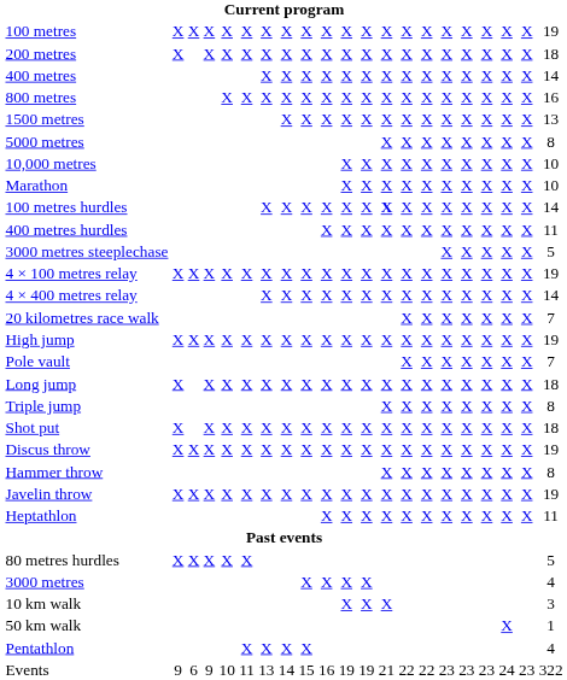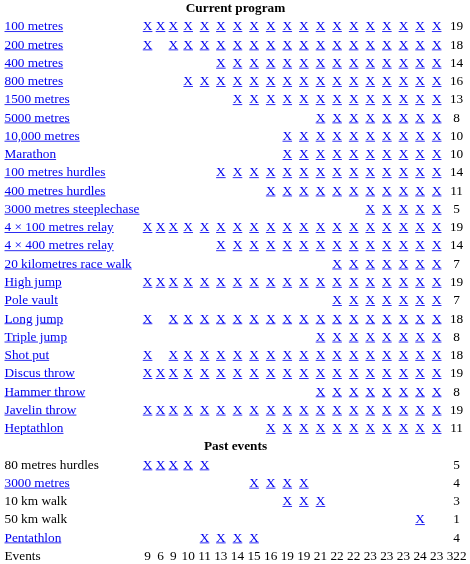 <table>
 <tr>
 <td align=center colspan=21><strong>Current program</strong></td>
 </tr>
 <tr align=center>
 <td align=left><a href='#'>100 metres</a></td>
 <td><a href='#'>X</a></td>
 <td><a href='#'>X</a></td>
 <td><a href='#'>X</a></td>
 <td><a href='#'>X</a></td>
 <td><a href='#'>X</a></td>
 <td><a href='#'>X</a></td>
 <td><a href='#'>X</a></td>
 <td><a href='#'>X</a></td>
 <td><a href='#'>X</a></td>
 <td><a href='#'>X</a></td>
 <td><a href='#'>X</a></td>
 <td><a href='#'>X</a></td>
 <td><a href='#'>X</a></td>
 <td><a href='#'>X</a></td>
 <td><a href='#'>X</a></td>
 <td><a href='#'>X</a></td>
 <td><a href='#'>X</a></td>
 <td><a href='#'>X</a></td>
 <td><a href='#'>X</a></td>
 <td>19</td>
 </tr>
 <tr align=center>
 <td align=left><a href='#'>200 metres</a></td>
 <td><a href='#'>X</a></td>
 <td></td>
 <td><a href='#'>X</a></td>
 <td><a href='#'>X</a></td>
 <td><a href='#'>X</a></td>
 <td><a href='#'>X</a></td>
 <td><a href='#'>X</a></td>
 <td><a href='#'>X</a></td>
 <td><a href='#'>X</a></td>
 <td><a href='#'>X</a></td>
 <td><a href='#'>X</a></td>
 <td><a href='#'>X</a></td>
 <td><a href='#'>X</a></td>
 <td><a href='#'>X</a></td>
 <td><a href='#'>X</a></td>
 <td><a href='#'>X</a></td>
 <td><a href='#'>X</a></td>
 <td><a href='#'>X</a></td>
 <td><a href='#'>X</a></td>
 <td>18</td>
 </tr>
 <tr align=center>
 <td align=left><a href='#'>400 metres</a></td>
 <td></td>
 <td></td>
 <td></td>
 <td></td>
 <td></td>
 <td><a href='#'>X</a></td>
 <td><a href='#'>X</a></td>
 <td><a href='#'>X</a></td>
 <td><a href='#'>X</a></td>
 <td><a href='#'>X</a></td>
 <td><a href='#'>X</a></td>
 <td><a href='#'>X</a></td>
 <td><a href='#'>X</a></td>
 <td><a href='#'>X</a></td>
 <td><a href='#'>X</a></td>
 <td><a href='#'>X</a></td>
 <td><a href='#'>X</a></td>
 <td><a href='#'>X</a></td>
 <td><a href='#'>X</a></td>
 <td>14</td>
 </tr>
 <tr align=center>
 <td align=left><a href='#'>800 metres</a></td>
 <td></td>
 <td></td>
 <td></td>
 <td><a href='#'>X</a></td>
 <td><a href='#'>X</a></td>
 <td><a href='#'>X</a></td>
 <td><a href='#'>X</a></td>
 <td><a href='#'>X</a></td>
 <td><a href='#'>X</a></td>
 <td><a href='#'>X</a></td>
 <td><a href='#'>X</a></td>
 <td><a href='#'>X</a></td>
 <td><a href='#'>X</a></td>
 <td><a href='#'>X</a></td>
 <td><a href='#'>X</a></td>
 <td><a href='#'>X</a></td>
 <td><a href='#'>X</a></td>
 <td><a href='#'>X</a></td>
 <td><a href='#'>X</a></td>
 <td>16</td>
 </tr>
 <tr align=center>
 <td align=left><a href='#'>1500 metres</a></td>
 <td></td>
 <td></td>
 <td></td>
 <td></td>
 <td></td>
 <td></td>
 <td><a href='#'>X</a></td>
 <td><a href='#'>X</a></td>
 <td><a href='#'>X</a></td>
 <td><a href='#'>X</a></td>
 <td><a href='#'>X</a></td>
 <td><a href='#'>X</a></td>
 <td><a href='#'>X</a></td>
 <td><a href='#'>X</a></td>
 <td><a href='#'>X</a></td>
 <td><a href='#'>X</a></td>
 <td><a href='#'>X</a></td>
 <td><a href='#'>X</a></td>
 <td><a href='#'>X</a></td>
 <td>13</td>
 </tr>
 <tr align=center>
 <td align=left><a href='#'>5000 metres</a></td>
 <td></td>
 <td></td>
 <td></td>
 <td></td>
 <td></td>
 <td></td>
 <td></td>
 <td></td>
 <td></td>
 <td></td>
 <td></td>
 <td><a href='#'>X</a></td>
 <td><a href='#'>X</a></td>
 <td><a href='#'>X</a></td>
 <td><a href='#'>X</a></td>
 <td><a href='#'>X</a></td>
 <td><a href='#'>X</a></td>
 <td><a href='#'>X</a></td>
 <td><a href='#'>X</a></td>
 <td>8</td>
 </tr>
 <tr align=center>
 <td align=left><a href='#'>10,000 metres</a></td>
 <td></td>
 <td></td>
 <td></td>
 <td></td>
 <td></td>
 <td></td>
 <td></td>
 <td></td>
 <td></td>
 <td><a href='#'>X</a></td>
 <td><a href='#'>X</a></td>
 <td><a href='#'>X</a></td>
 <td><a href='#'>X</a></td>
 <td><a href='#'>X</a></td>
 <td><a href='#'>X</a></td>
 <td><a href='#'>X</a></td>
 <td><a href='#'>X</a></td>
 <td><a href='#'>X</a></td>
 <td><a href='#'>X</a></td>
 <td>10</td>
 </tr>
 <tr align=center>
 <td align=left><a href='#'>Marathon</a></td>
 <td></td>
 <td></td>
 <td></td>
 <td></td>
 <td></td>
 <td></td>
 <td></td>
 <td></td>
 <td></td>
 <td><a href='#'>X</a></td>
 <td><a href='#'>X</a></td>
 <td><a href='#'>X</a></td>
 <td><a href='#'>X</a></td>
 <td><a href='#'>X</a></td>
 <td><a href='#'>X</a></td>
 <td><a href='#'>X</a></td>
 <td><a href='#'>X</a></td>
 <td><a href='#'>X</a></td>
 <td><a href='#'>X</a></td>
 <td>10</td>
 </tr>
 <tr align=center>
 <td align=left><a href='#'>100 metres hurdles</a></td>
 <td></td>
 <td></td>
 <td></td>
 <td></td>
 <td></td>
 <td><a href='#'>X</a></td>
 <td><a href='#'>X</a></td>
 <td><a href='#'>X</a></td>
 <td><a href='#'>X</a></td>
 <td><a href='#'>X</a></td>
 <td><a href='#'>X</a></td>
-<td><strong><a href='#'>X</a></strong></td>
+<td><a href='#'>X</a></td>
 <td><a href='#'>X</a></td>
 <td><a href='#'>X</a></td>
 <td><a href='#'>X</a></td>
 <td><a href='#'>X</a></td>
 <td><a href='#'>X</a></td>
 <td><a href='#'>X</a></td>
 <td><a href='#'>X</a></td>
 <td>14</td>
 </tr>
 <tr align=center>
 <td align=left><a href='#'>400 metres hurdles</a></td>
 <td></td>
 <td></td>
 <td></td>
 <td></td>
 <td></td>
 <td></td>
 <td></td>
 <td></td>
 <td><a href='#'>X</a></td>
 <td><a href='#'>X</a></td>
 <td><a href='#'>X</a></td>
 <td><a href='#'>X</a></td>
 <td><a href='#'>X</a></td>
 <td><a href='#'>X</a></td>
 <td><a href='#'>X</a></td>
 <td><a href='#'>X</a></td>
 <td><a href='#'>X</a></td>
 <td><a href='#'>X</a></td>
 <td><a href='#'>X</a></td>
 <td>11</td>
 </tr>
 <tr align=center>
 <td align=left><a href='#'>3000 metres steeplechase</a></td>
 <td></td>
 <td></td>
 <td></td>
 <td></td>
 <td></td>
 <td></td>
 <td></td>
 <td></td>
 <td></td>
 <td></td>
 <td></td>
 <td></td>
 <td></td>
 <td></td>
 <td><a href='#'>X</a></td>
 <td><a href='#'>X</a></td>
 <td><a href='#'>X</a></td>
 <td><a href='#'>X</a></td>
 <td><a href='#'>X</a></td>
 <td>5</td>
 </tr>
 <tr align=center>
 <td align=left><a href='#'>4 × 100 metres relay</a></td>
 <td><a href='#'>X</a></td>
 <td><a href='#'>X</a></td>
 <td><a href='#'>X</a></td>
 <td><a href='#'>X</a></td>
 <td><a href='#'>X</a></td>
 <td><a href='#'>X</a></td>
 <td><a href='#'>X</a></td>
 <td><a href='#'>X</a></td>
 <td><a href='#'>X</a></td>
 <td><a href='#'>X</a></td>
 <td><a href='#'>X</a></td>
 <td><a href='#'>X</a></td>
 <td><a href='#'>X</a></td>
 <td><a href='#'>X</a></td>
 <td><a href='#'>X</a></td>
 <td><a href='#'>X</a></td>
 <td><a href='#'>X</a></td>
 <td><a href='#'>X</a></td>
 <td><a href='#'>X</a></td>
 <td>19</td>
 </tr>
 <tr align=center>
 <td align=left><a href='#'>4 × 400 metres relay</a></td>
 <td></td>
 <td></td>
 <td></td>
 <td></td>
 <td></td>
 <td><a href='#'>X</a></td>
 <td><a href='#'>X</a></td>
 <td><a href='#'>X</a></td>
 <td><a href='#'>X</a></td>
 <td><a href='#'>X</a></td>
 <td><a href='#'>X</a></td>
 <td><a href='#'>X</a></td>
 <td><a href='#'>X</a></td>
 <td><a href='#'>X</a></td>
 <td><a href='#'>X</a></td>
 <td><a href='#'>X</a></td>
 <td><a href='#'>X</a></td>
 <td><a href='#'>X</a></td>
 <td><a href='#'>X</a></td>
 <td>14</td>
 </tr>
 <tr align=center>
 <td align=left><a href='#'>20 kilometres race walk</a></td>
 <td></td>
 <td></td>
 <td></td>
 <td></td>
 <td></td>
 <td></td>
 <td></td>
 <td></td>
 <td></td>
 <td></td>
 <td></td>
 <td></td>
 <td><a href='#'>X</a></td>
 <td><a href='#'>X</a></td>
 <td><a href='#'>X</a></td>
 <td><a href='#'>X</a></td>
 <td><a href='#'>X</a></td>
 <td><a href='#'>X</a></td>
 <td><a href='#'>X</a></td>
 <td>7</td>
 </tr>
 <tr align=center>
 <td align=left><a href='#'>High jump</a></td>
 <td><a href='#'>X</a></td>
 <td><a href='#'>X</a></td>
 <td><a href='#'>X</a></td>
 <td><a href='#'>X</a></td>
 <td><a href='#'>X</a></td>
 <td><a href='#'>X</a></td>
 <td><a href='#'>X</a></td>
 <td><a href='#'>X</a></td>
 <td><a href='#'>X</a></td>
 <td><a href='#'>X</a></td>
 <td><a href='#'>X</a></td>
 <td><a href='#'>X</a></td>
 <td><a href='#'>X</a></td>
 <td><a href='#'>X</a></td>
 <td><a href='#'>X</a></td>
 <td><a href='#'>X</a></td>
 <td><a href='#'>X</a></td>
 <td><a href='#'>X</a></td>
 <td><a href='#'>X</a></td>
 <td>19</td>
 </tr>
 <tr align=center>
 <td align=left><a href='#'>Pole vault</a></td>
 <td></td>
 <td></td>
 <td></td>
 <td></td>
 <td></td>
 <td></td>
 <td></td>
 <td></td>
 <td></td>
 <td></td>
 <td></td>
 <td></td>
 <td><a href='#'>X</a></td>
 <td><a href='#'>X</a></td>
 <td><a href='#'>X</a></td>
 <td><a href='#'>X</a></td>
 <td><a href='#'>X</a></td>
 <td><a href='#'>X</a></td>
 <td><a href='#'>X</a></td>
 <td>7</td>
 </tr>
 <tr align=center>
 <td align=left><a href='#'>Long jump</a></td>
 <td><a href='#'>X</a></td>
 <td></td>
 <td><a href='#'>X</a></td>
 <td><a href='#'>X</a></td>
 <td><a href='#'>X</a></td>
 <td><a href='#'>X</a></td>
 <td><a href='#'>X</a></td>
 <td><a href='#'>X</a></td>
 <td><a href='#'>X</a></td>
 <td><a href='#'>X</a></td>
 <td><a href='#'>X</a></td>
 <td><a href='#'>X</a></td>
 <td><a href='#'>X</a></td>
 <td><a href='#'>X</a></td>
 <td><a href='#'>X</a></td>
 <td><a href='#'>X</a></td>
 <td><a href='#'>X</a></td>
 <td><a href='#'>X</a></td>
 <td><a href='#'>X</a></td>
 <td>18</td>
 </tr>
 <tr align=center>
 <td align=left><a href='#'>Triple jump</a></td>
 <td></td>
 <td></td>
 <td></td>
 <td></td>
 <td></td>
 <td></td>
 <td></td>
 <td></td>
 <td></td>
 <td></td>
 <td></td>
 <td><a href='#'>X</a></td>
 <td><a href='#'>X</a></td>
 <td><a href='#'>X</a></td>
 <td><a href='#'>X</a></td>
 <td><a href='#'>X</a></td>
 <td><a href='#'>X</a></td>
 <td><a href='#'>X</a></td>
 <td><a href='#'>X</a></td>
 <td>8</td>
 </tr>
 <tr align=center>
 <td align=left><a href='#'>Shot put</a></td>
 <td><a href='#'>X</a></td>
 <td></td>
 <td><a href='#'>X</a></td>
 <td><a href='#'>X</a></td>
 <td><a href='#'>X</a></td>
 <td><a href='#'>X</a></td>
 <td><a href='#'>X</a></td>
 <td><a href='#'>X</a></td>
 <td><a href='#'>X</a></td>
 <td><a href='#'>X</a></td>
 <td><a href='#'>X</a></td>
 <td><a href='#'>X</a></td>
 <td><a href='#'>X</a></td>
 <td><a href='#'>X</a></td>
 <td><a href='#'>X</a></td>
 <td><a href='#'>X</a></td>
 <td><a href='#'>X</a></td>
 <td><a href='#'>X</a></td>
 <td><a href='#'>X</a></td>
 <td>18</td>
 </tr>
 <tr align=center>
 <td align=left><a href='#'>Discus throw</a></td>
 <td><a href='#'>X</a></td>
 <td><a href='#'>X</a></td>
 <td><a href='#'>X</a></td>
 <td><a href='#'>X</a></td>
 <td><a href='#'>X</a></td>
 <td><a href='#'>X</a></td>
 <td><a href='#'>X</a></td>
 <td><a href='#'>X</a></td>
 <td><a href='#'>X</a></td>
 <td><a href='#'>X</a></td>
 <td><a href='#'>X</a></td>
 <td><a href='#'>X</a></td>
 <td><a href='#'>X</a></td>
 <td><a href='#'>X</a></td>
 <td><a href='#'>X</a></td>
 <td><a href='#'>X</a></td>
 <td><a href='#'>X</a></td>
 <td><a href='#'>X</a></td>
 <td><a href='#'>X</a></td>
 <td>19</td>
 </tr>
 <tr align=center>
 <td align=left><a href='#'>Hammer throw</a></td>
 <td></td>
 <td></td>
 <td></td>
 <td></td>
 <td></td>
 <td></td>
 <td></td>
 <td></td>
 <td></td>
 <td></td>
 <td></td>
 <td><a href='#'>X</a></td>
 <td><a href='#'>X</a></td>
 <td><a href='#'>X</a></td>
 <td><a href='#'>X</a></td>
 <td><a href='#'>X</a></td>
 <td><a href='#'>X</a></td>
 <td><a href='#'>X</a></td>
 <td><a href='#'>X</a></td>
 <td>8</td>
 </tr>
 <tr align=center>
 <td align=left><a href='#'>Javelin throw</a></td>
 <td><a href='#'>X</a></td>
 <td><a href='#'>X</a></td>
 <td><a href='#'>X</a></td>
 <td><a href='#'>X</a></td>
 <td><a href='#'>X</a></td>
 <td><a href='#'>X</a></td>
 <td><a href='#'>X</a></td>
 <td><a href='#'>X</a></td>
 <td><a href='#'>X</a></td>
 <td><a href='#'>X</a></td>
 <td><a href='#'>X</a></td>
 <td><a href='#'>X</a></td>
 <td><a href='#'>X</a></td>
 <td><a href='#'>X</a></td>
 <td><a href='#'>X</a></td>
 <td><a href='#'>X</a></td>
 <td><a href='#'>X</a></td>
 <td><a href='#'>X</a></td>
 <td><a href='#'>X</a></td>
 <td>19</td>
 </tr>
 <tr align=center>
 <td align=left><a href='#'>Heptathlon</a></td>
 <td></td>
 <td></td>
 <td></td>
 <td></td>
 <td></td>
 <td></td>
 <td></td>
 <td></td>
 <td><a href='#'>X</a></td>
 <td><a href='#'>X</a></td>
 <td><a href='#'>X</a></td>
 <td><a href='#'>X</a></td>
 <td><a href='#'>X</a></td>
 <td><a href='#'>X</a></td>
 <td><a href='#'>X</a></td>
 <td><a href='#'>X</a></td>
 <td><a href='#'>X</a></td>
 <td><a href='#'>X</a></td>
 <td><a href='#'>X</a></td>
 <td>11</td>
 </tr>
 <tr align=center>
 <td align=center colspan=21><strong>Past events</strong></td>
 </tr>
 <tr align=center>
 <td align=left>80 metres hurdles</td>
 <td><a href='#'>X</a></td>
 <td><a href='#'>X</a></td>
 <td><a href='#'>X</a></td>
 <td><a href='#'>X</a></td>
 <td><a href='#'>X</a></td>
 <td></td>
 <td></td>
 <td></td>
 <td></td>
 <td></td>
 <td></td>
 <td></td>
 <td></td>
 <td></td>
 <td></td>
 <td></td>
 <td></td>
 <td></td>
 <td></td>
 <td>5</td>
 </tr>
 <tr align=center>
 <td align=left><a href='#'>3000 metres</a></td>
 <td></td>
 <td></td>
 <td></td>
 <td></td>
 <td></td>
 <td></td>
 <td></td>
 <td><a href='#'>X</a></td>
 <td><a href='#'>X</a></td>
 <td><a href='#'>X</a></td>
 <td><a href='#'>X</a></td>
 <td></td>
 <td></td>
 <td></td>
 <td></td>
 <td></td>
 <td></td>
 <td></td>
 <td></td>
 <td>4</td>
 </tr>
 <tr align=center>
 <td align=left>10 km walk</td>
 <td></td>
 <td></td>
 <td></td>
 <td></td>
 <td></td>
 <td></td>
 <td></td>
 <td></td>
 <td></td>
 <td><a href='#'>X</a></td>
 <td><a href='#'>X</a></td>
 <td><a href='#'>X</a></td>
 <td></td>
 <td></td>
 <td></td>
 <td></td>
 <td></td>
 <td></td>
 <td></td>
 <td>3</td>
 </tr>
 <tr align=center>
 <td align=left>50 km walk</td>
 <td></td>
 <td></td>
 <td></td>
 <td></td>
 <td></td>
 <td></td>
 <td></td>
 <td></td>
 <td></td>
 <td></td>
 <td></td>
 <td></td>
 <td></td>
 <td></td>
 <td></td>
 <td></td>
 <td></td>
 <td><a href='#'>X</a></td>
 <td></td>
 <td>1</td>
 </tr>
 <tr align=center>
 <td align=left><a href='#'>Pentathlon</a></td>
 <td></td>
 <td></td>
 <td></td>
 <td></td>
 <td><a href='#'>X</a></td>
 <td><a href='#'>X</a></td>
 <td><a href='#'>X</a></td>
 <td><a href='#'>X</a></td>
 <td></td>
 <td></td>
 <td></td>
 <td></td>
 <td></td>
 <td></td>
 <td></td>
 <td></td>
 <td></td>
 <td></td>
 <td></td>
 <td>4</td>
 </tr>
 <tr align=center>
 <td align=left>Events</td>
 <td>9</td>
 <td>6</td>
 <td>9</td>
 <td>10</td>
 <td>11</td>
 <td>13</td>
 <td>14</td>
 <td>15</td>
 <td>16</td>
 <td>19</td>
 <td>19</td>
 <td>21</td>
 <td>22</td>
 <td>22</td>
 <td>23</td>
 <td>23</td>
 <td>23</td>
 <td>24</td>
 <td>23</td>
 <td>322</td>
 </tr>
 </table>
